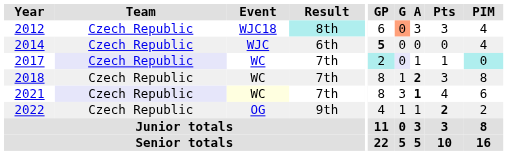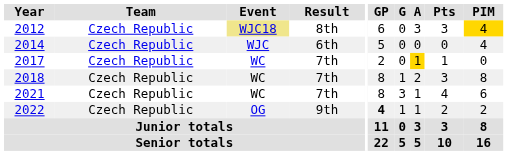 <table border="0" cellpadding="1" cellspacing="0" ID="Table3" style="text-align:center; width:40em">
 <tr ALIGN="center" bgcolor="#e0e0e0">
 <th>Year</th>
 <th>Team</th>
 <th>Event</th>
 <th>Result</th>
 <th rowspan="99" bgcolor="#ffffff"></th>
 <th>GP</th>
 <th>G</th>
 <th>A</th>
 <th>Pts</th>
 <th>PIM</th>
 </tr>
 <tr>
 <td><a href='#'>2012</a></td>
 <td><a href='#'>Czech Republic</a></td>
-<td><a href='#'>WJC18</a></td>
-<td style="background: paleturquoise;">8th</td>
+<td style="background: khaki;"><a href='#'>WJC18</a></td>
+<td>8th</td>
 <td>6</td>
-<td style="background: lightsalmon;">0</td>
+<td>0</td>
 <td>3</td>
 <td>3</td>
-<td>4</td>
+<td style="background: gold;">4</td>
 </tr>
 <tr bgcolor="#f0f0f0">
 <td><a href='#'>2014</a></td>
 <td><a href='#'>Czech Republic</a></td>
 <td><a href='#'>WJC</a></td>
 <td>6th</td>
-<td><strong>5</strong></td>
+<td>5</td>
 <td>0</td>
 <td>0</td>
 <td>0</td>
 <td>4</td>
 </tr>
 <tr>
 <td><a href='#'>2017</a></td>
-<td style="background: lavender;"><a href='#'>Czech Republic</a></td>
+<td><a href='#'>Czech Republic</a></td>
 <td><a href='#'>WC</a></td>
 <td>7th</td>
-<td style="background: paleturquoise;">2</td>
-<td style="background: lavender;">0</td>
+<td>2</td>
+<td>0</td>
+<td style="background: gold;">1</td>
 <td>1</td>
-<td>1</td>
-<td style="background: paleturquoise;">0</td>
+<td>0</td>
 </tr>
 <tr bgcolor="#f0f0f0">
 <td><a href='#'>2018</a></td>
 <td>Czech Republic</td>
 <td>WC</td>
 <td>7th</td>
 <td>8</td>
 <td>1</td>
-<td><strong>2</strong></td>
+<td>2</td>
 <td>3</td>
 <td>8</td>
 </tr>
 <tr>
 <td><a href='#'>2021</a></td>
-<td style="background: lavender;">Czech Republic</td>
-<td style="background: lightyellow;">WC</td>
+<td>Czech Republic</td>
+<td>WC</td>
 <td>7th</td>
 <td>8</td>
 <td>3</td>
-<td><strong>1</strong></td>
+<td>1</td>
 <td>4</td>
 <td>6</td>
 </tr>
 <tr bgcolor="#f0f0f0">
 <td><a href='#'>2022</a></td>
 <td>Czech Republic</td>
 <td><a href='#'>OG</a></td>
 <td>9th</td>
-<td>4</td>
+<td><strong>4</strong></td>
 <td>1</td>
 <td>1</td>
-<td><strong>2</strong></td>
+<td>2</td>
 <td>2</td>
 </tr>
 <tr bgcolor="#e0e0e0">
 <th colspan=4>Junior totals</th>
 <th>11</th>
 <th>0</th>
 <th>3</th>
 <th>3</th>
 <th>8</th>
 </tr>
 <tr ALIGN="center" bgcolor="#e0e0e0">
 <th colspan=4>Senior totals</th>
 <th>22</th>
 <th>5</th>
 <th>5</th>
 <th>10</th>
 <th>16</th>
 </tr>
 </table>
